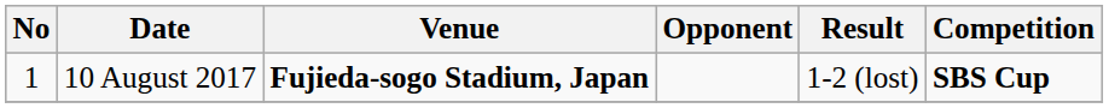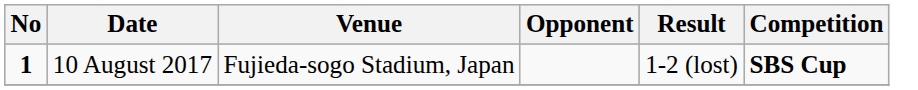 <table class="wikitable">
 <tr>
 <th>No</th>
 <th>Date</th>
 <th>Venue</th>
 <th>Opponent</th>
 <th>Result</th>
 <th>Competition</th>
 </tr>
 <tr>
-<td align=center>1</td>
+<td align=center><strong>1</strong></td>
 <td>10 August 2017</td>
-<td><strong>Fujieda-sogo Stadium, Japan</strong></td>
+<td>Fujieda-sogo Stadium, Japan</td>
 <td></td>
 <td align=center>1-2 (lost)</td>
 <td><strong>SBS Cup</strong></td>
 </tr>
 <tr>
 </tr>
 </table>
